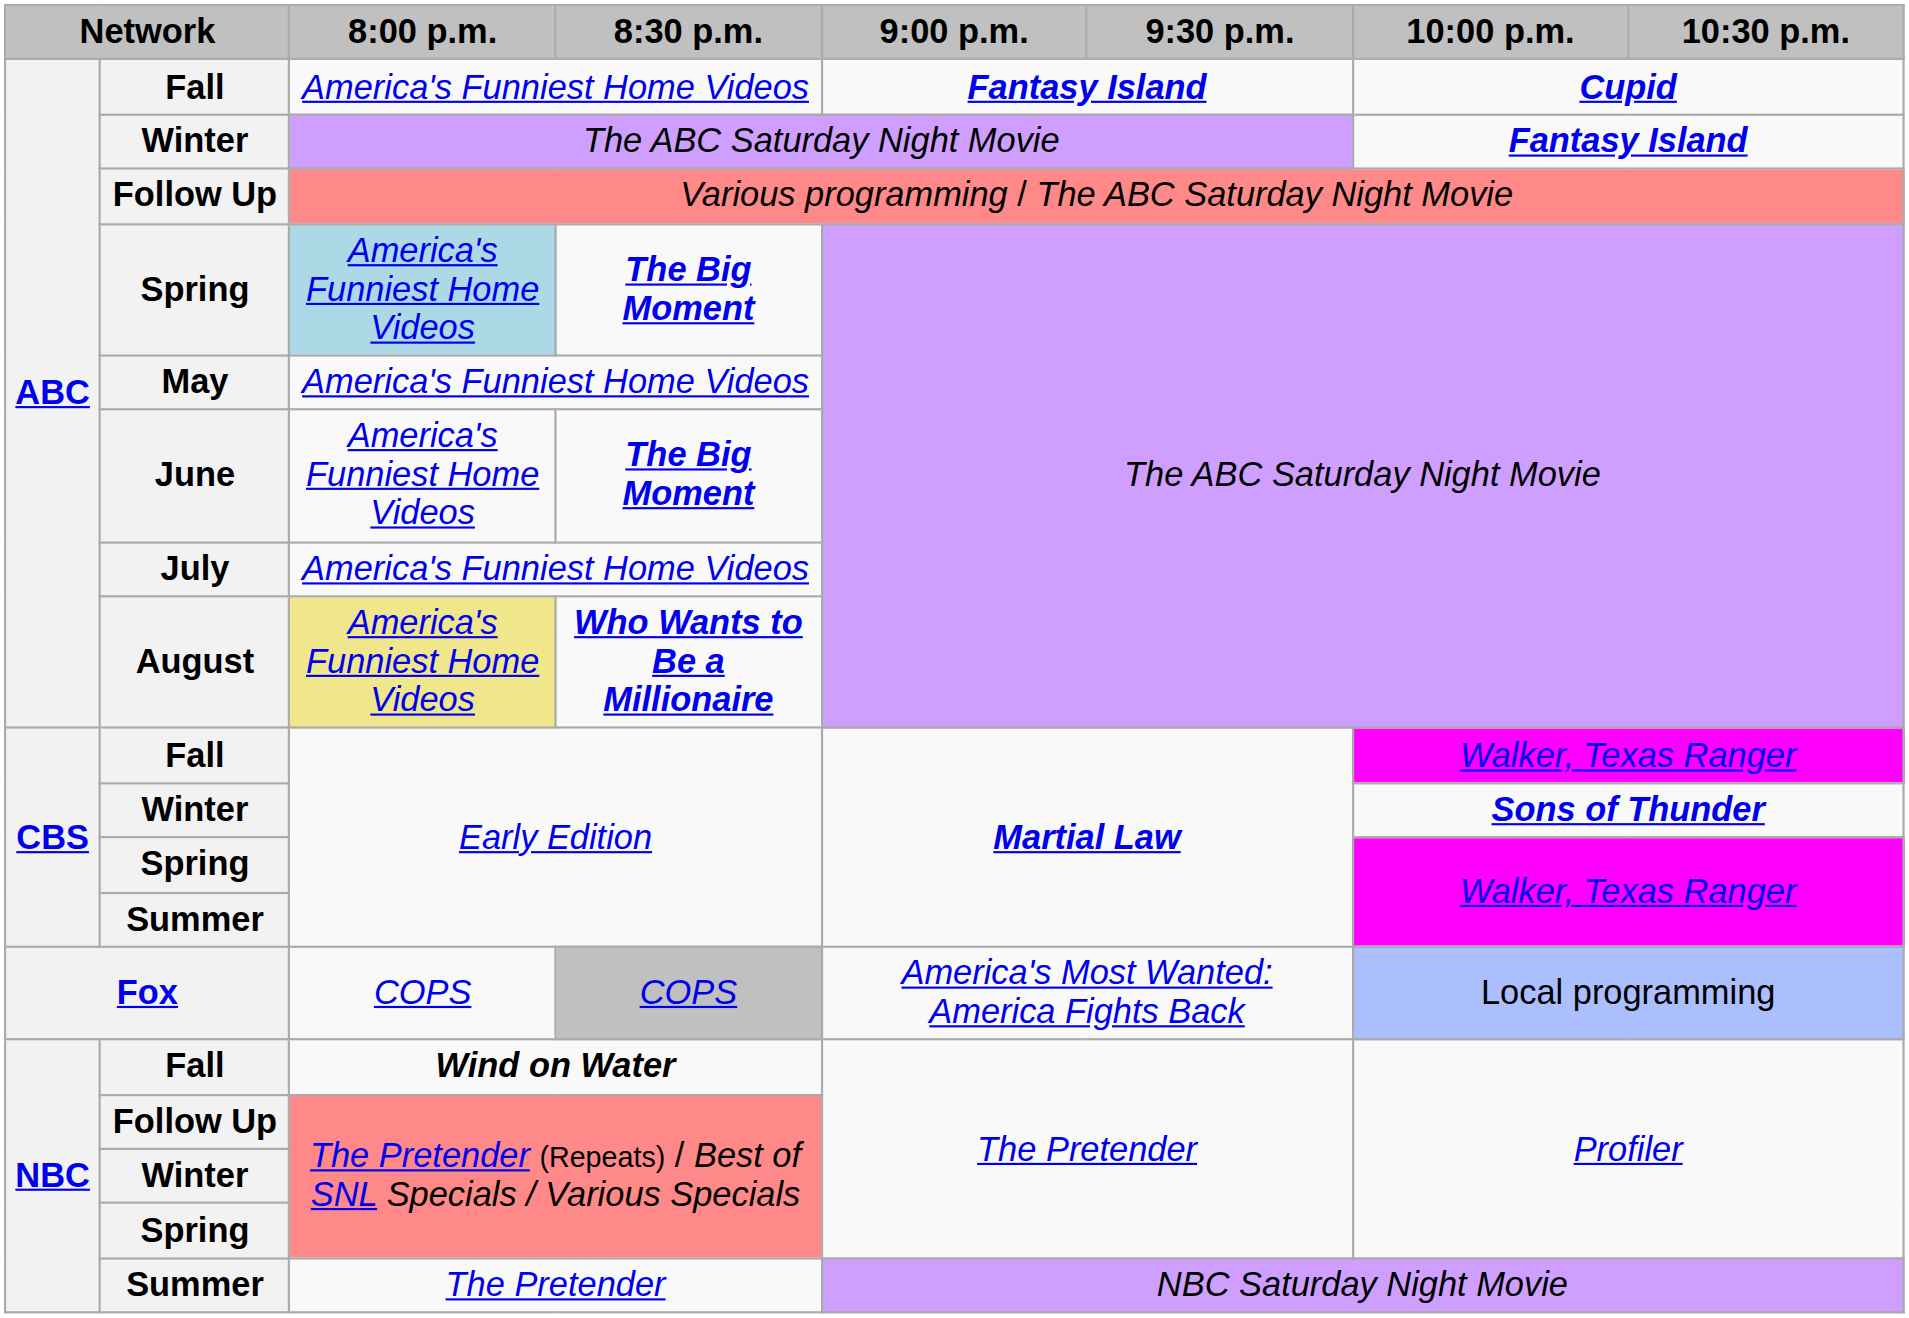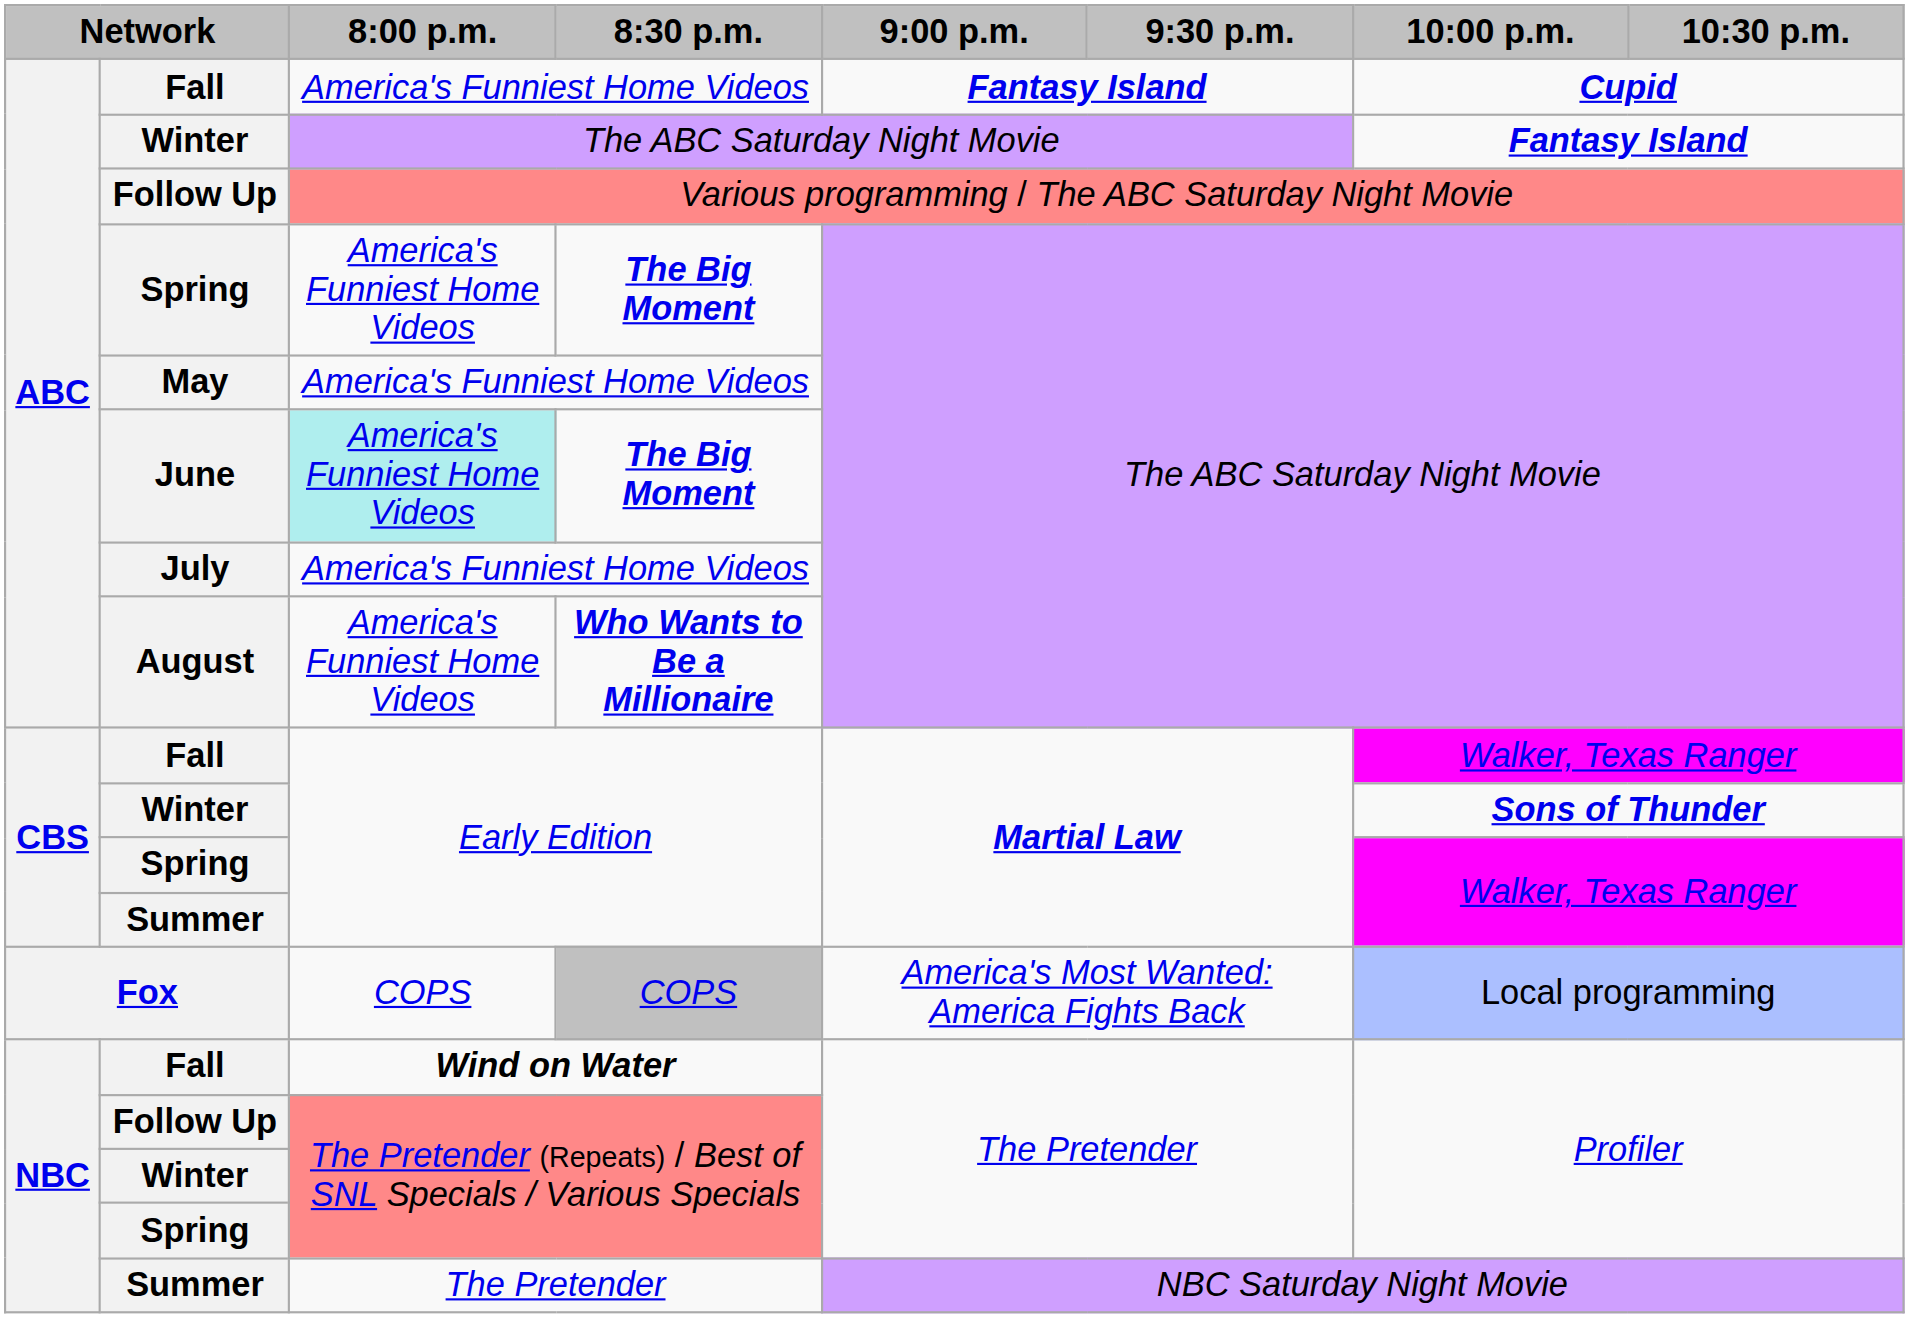 <table class="wikitable" style="width:100%;margin-right:0;text-align:center">
 <tr>
 <th colspan="2" style="background-color:#C0C0C0;text-align:center;width:15%;">Network</th>
 <th style="background-color:#C0C0C0;text-align:center;width:14%;">8:00 p.m.</th>
 <th style="background-color:#C0C0C0;text-align:center;width:14%;">8:30 p.m.</th>
 <th style="background-color:#C0C0C0;text-align:center;width:14%;">9:00 p.m.</th>
 <th style="background-color:#C0C0C0;text-align:center;width:14%;">9:30 p.m.</th>
 <th style="background-color:#C0C0C0;text-align:center">10:00 p.m.</th>
 <th style="background-color:#C0C0C0;text-align:center">10:30 p.m.</th>
 </tr>
 <tr>
 <th rowspan="8"><a href='#'>ABC</a></th>
 <th>Fall</th>
 <td colspan="2"><em><a href='#'>America's Funniest Home Videos</a></em></td>
 <td colspan="2"><strong><em><a href='#'>Fantasy Island</a></em></strong></td>
 <td colspan="2"><strong><em><a href='#'>Cupid</a></em></strong></td>
 </tr>
 <tr>
 <th>Winter</th>
 <td bgcolor="#CF9FFF" colspan="4"><em>The ABC Saturday Night Movie</em></td>
 <td colspan="2"><strong><em><a href='#'>Fantasy Island</a></em></strong></td>
 </tr>
 <tr>
 <th>Follow Up</th>
 <td colspan="6" bgcolor="#FF8888"><em>Various programming</em> / <em>The ABC Saturday Night Movie</em></td>
 </tr>
 <tr>
 <th>Spring</th>
-<td style="background: lightblue;"><em><a href='#'>America's Funniest Home Videos</a></em></td>
+<td><em><a href='#'>America's Funniest Home Videos</a></em></td>
 <td><strong><em><a href='#'>The Big Moment</a></em></strong></td>
 <td bgcolor="#CF9FFF" colspan="4" rowspan="5"><em>The ABC Saturday Night Movie</em></td>
 </tr>
 <tr>
 <th>May</th>
 <td colspan="2"><em><a href='#'>America's Funniest Home Videos</a></em></td>
 </tr>
 <tr>
 <th>June</th>
-<td><em><a href='#'>America's Funniest Home Videos</a></em></td>
+<td style="background: paleturquoise;"><em><a href='#'>America's Funniest Home Videos</a></em></td>
 <td><strong><em><a href='#'>The Big Moment</a></em></strong></td>
 </tr>
 <tr>
 <th>July</th>
 <td colspan="2"><em><a href='#'>America's Funniest Home Videos</a></em></td>
 </tr>
 <tr>
 <th>August</th>
-<td style="background: khaki;"><em><a href='#'>America's Funniest Home Videos</a></em></td>
+<td><em><a href='#'>America's Funniest Home Videos</a></em></td>
 <td><strong><em><a href='#'>Who Wants to Be a Millionaire</a></em></strong></td>
 </tr>
 <tr>
 <th rowspan="4"><a href='#'>CBS</a></th>
 <th>Fall</th>
 <td rowspan="4" colspan="2"><em><a href='#'>Early Edition</a></em></td>
 <td rowspan="4" colspan="2"><strong><em><a href='#'>Martial Law</a></em></strong></td>
 <td colspan="2" style="background:#FF00FF;"><em><a href='#'>Walker, Texas Ranger</a></em> </td>
 </tr>
 <tr>
 <th>Winter</th>
 <td colspan="2"><strong><em><a href='#'>Sons of Thunder</a></em></strong></td>
 </tr>
 <tr>
 <th>Spring</th>
 <td rowspan="2" colspan="2" style="background:#FF00FF;"><em><a href='#'>Walker, Texas Ranger</a></em> </td>
 </tr>
 <tr>
 <th>Summer</th>
 </tr>
 <tr>
 <th colspan="2"><a href='#'>Fox</a></th>
 <td><em><a href='#'>COPS</a></em></td>
 <td style="background:#C0C0C0;"><em><a href='#'>COPS</a></em> </td>
 <td colspan="2"><em><a href='#'>America's Most Wanted:<br>America Fights Back</a></em></td>
 <td colspan="2" style="background:#abbfff;">Local programming</td>
 </tr>
 <tr>
 <th rowspan="5"><a href='#'>NBC</a></th>
 <th>Fall</th>
 <td colspan="2"><strong><em>Wind on Water</em></strong></td>
 <td colspan="2" rowspan="4"><em><a href='#'>The Pretender</a></em></td>
 <td colspan="2" rowspan="4"><em><a href='#'>Profiler</a></em></td>
 </tr>
 <tr>
 <th>Follow Up</th>
 <td colspan="2" rowspan="3" bgcolor="#FF8888"><em><a href='#'>The Pretender</a></em> <small>(Repeats)</small> / <em>Best of <a href='#'>SNL</a> Specials / Various Specials</em></td>
 </tr>
 <tr>
 <th>Winter</th>
 </tr>
 <tr>
 <th>Spring</th>
 </tr>
 <tr>
 <th>Summer</th>
 <td colspan="2"><em><a href='#'>The Pretender</a></em></td>
 <td bgcolor="#CF9FFF" colspan="4"><em>NBC Saturday Night Movie</em></td>
 </tr>
 </table>
